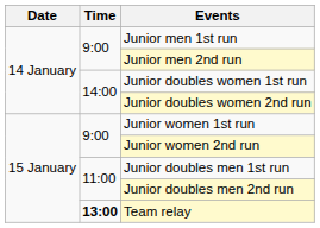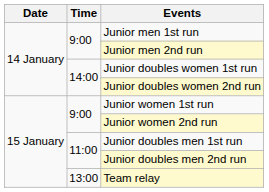 <table class="wikitable">
 <tr>
 <th>Date</th>
 <th>Time</th>
 <th>Events</th>
 </tr>
 <tr>
 <td rowspan=4>14 January</td>
 <td rowspan=2>9:00</td>
 <td>Junior men 1st run</td>
 </tr>
 <tr bgcolor=lemonchiffon>
 <td>Junior men 2nd run</td>
 </tr>
 <tr>
 <td rowspan=2>14:00</td>
 <td>Junior doubles women 1st run</td>
 </tr>
 <tr bgcolor=lemonchiffon>
 <td>Junior doubles women 2nd run</td>
 </tr>
 <tr>
 <td rowspan=5>15 January</td>
 <td rowspan=2>9:00</td>
 <td>Junior women 1st run</td>
 </tr>
 <tr bgcolor=lemonchiffon>
 <td>Junior women 2nd run</td>
 </tr>
 <tr>
 <td rowspan=2>11:00</td>
 <td>Junior doubles men 1st run</td>
 </tr>
 <tr bgcolor=lemonchiffon>
 <td>Junior doubles men 2nd run</td>
 </tr>
 <tr>
-<td><strong>13:00</strong></td>
+<td>13:00</td>
 <td bgcolor=lemonchiffon>Team relay</td>
 </tr>
 </table>
